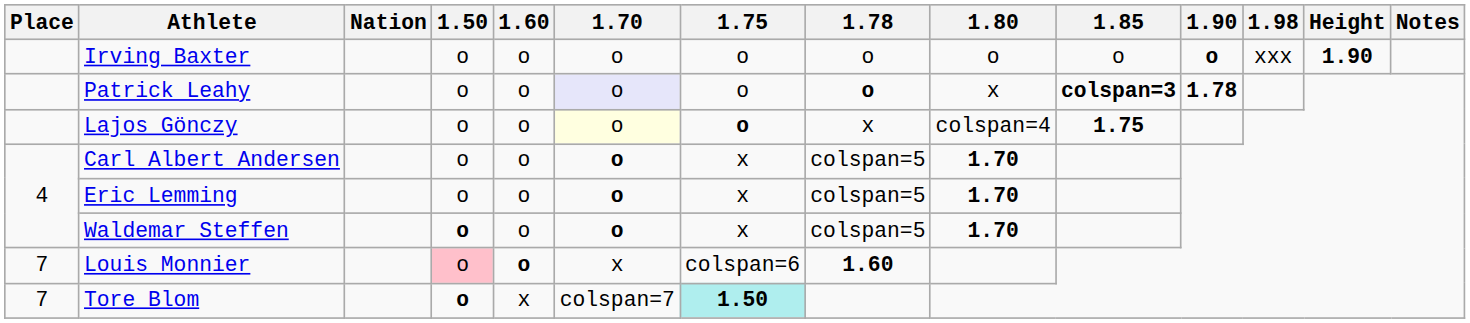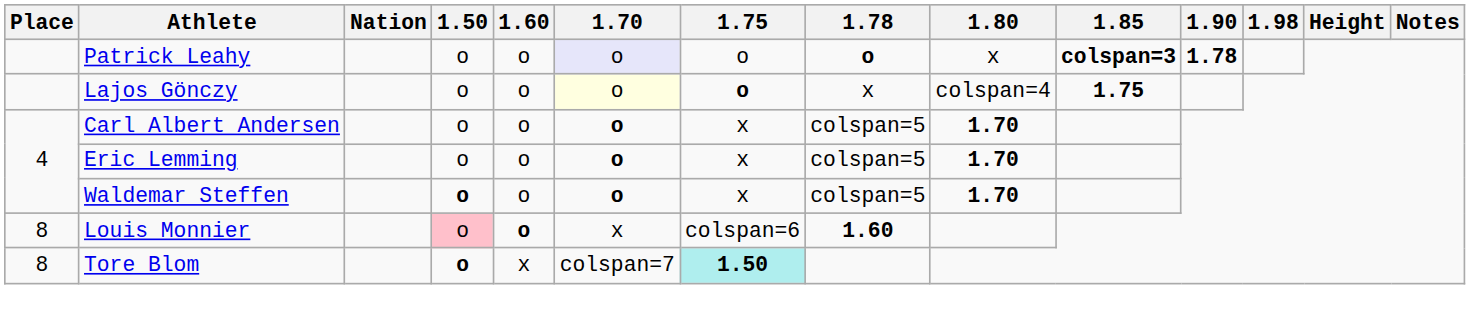 <table class="wikitable sortable" style="text-align:center">
 <tr>
 <th>Place</th>
 <th>Athlete</th>
 <th>Nation</th>
 <th>1.50</th>
 <th>1.60</th>
 <th>1.70</th>
 <th>1.75</th>
 <th>1.78</th>
 <th>1.80</th>
 <th>1.85</th>
 <th>1.90</th>
 <th>1.98</th>
 <th>Height</th>
 <th>Notes</th>
-</tr>
-<tr>
-<td></td>
-<td align=left><a href='#'>Irving Baxter</a></td>
-<td align=left></td>
-<td>o</td>
-<td>o</td>
-<td>o</td>
-<td>o</td>
-<td>o</td>
-<td>o</td>
-<td>o</td>
-<td><strong>o</strong></td>
-<td>xxx</td>
-<td><strong>1.90</strong></td>
-<td></td>
 </tr>
 <tr>
 <td></td>
 <td align=left><a href='#'>Patrick Leahy</a></td>
 <td align=left></td>
 <td>o</td>
 <td>o</td>
 <td style="background: lavender;">o</td>
 <td>o</td>
 <td><strong>o</strong></td>
 <td>x</td>
 <td><strong>colspan=3 </strong></td>
 <td><strong>1.78</strong></td>
 <td></td>
 </tr>
 <tr>
 <td></td>
 <td align=left><a href='#'>Lajos Gönczy</a></td>
 <td align=left></td>
 <td>o</td>
 <td>o</td>
 <td style="background: lightyellow;">o</td>
 <td><strong>o</strong></td>
 <td>x</td>
 <td>colspan=4 </td>
 <td><strong>1.75</strong></td>
 <td></td>
 </tr>
 <tr>
 <td rowspan=3 align=center>4</td>
 <td align=left><a href='#'>Carl Albert Andersen</a></td>
 <td align=left></td>
 <td>o</td>
 <td>o</td>
 <td><strong>o</strong></td>
 <td>x</td>
 <td>colspan=5 </td>
 <td><strong>1.70</strong></td>
 <td></td>
 </tr>
 <tr>
 <td align=left><a href='#'>Eric Lemming</a></td>
 <td align=left></td>
 <td>o</td>
 <td>o</td>
 <td><strong>o</strong></td>
 <td>x</td>
 <td>colspan=5 </td>
 <td><strong>1.70</strong></td>
 <td></td>
 </tr>
 <tr>
 <td align=left><a href='#'>Waldemar Steffen</a></td>
 <td align=left></td>
 <td><strong>o</strong></td>
 <td>o</td>
 <td><strong>o</strong></td>
 <td>x</td>
 <td>colspan=5 </td>
 <td><strong>1.70</strong></td>
 <td></td>
 </tr>
 <tr>
-<td>7</td>
+<td>8</td>
 <td align=left><a href='#'>Louis Monnier</a></td>
 <td align=left></td>
 <td style="background: pink;">o</td>
 <td><strong>o</strong></td>
 <td>x</td>
 <td>colspan=6 </td>
 <td><strong>1.60</strong></td>
 <td></td>
 </tr>
 <tr>
-<td>7</td>
+<td>8</td>
 <td align=left><a href='#'>Tore Blom</a></td>
 <td align=left></td>
 <td><strong>o</strong></td>
 <td>x</td>
 <td>colspan=7 </td>
 <td style="background: paleturquoise;"><strong>1.50</strong></td>
 <td></td>
 </tr>
 </table>
